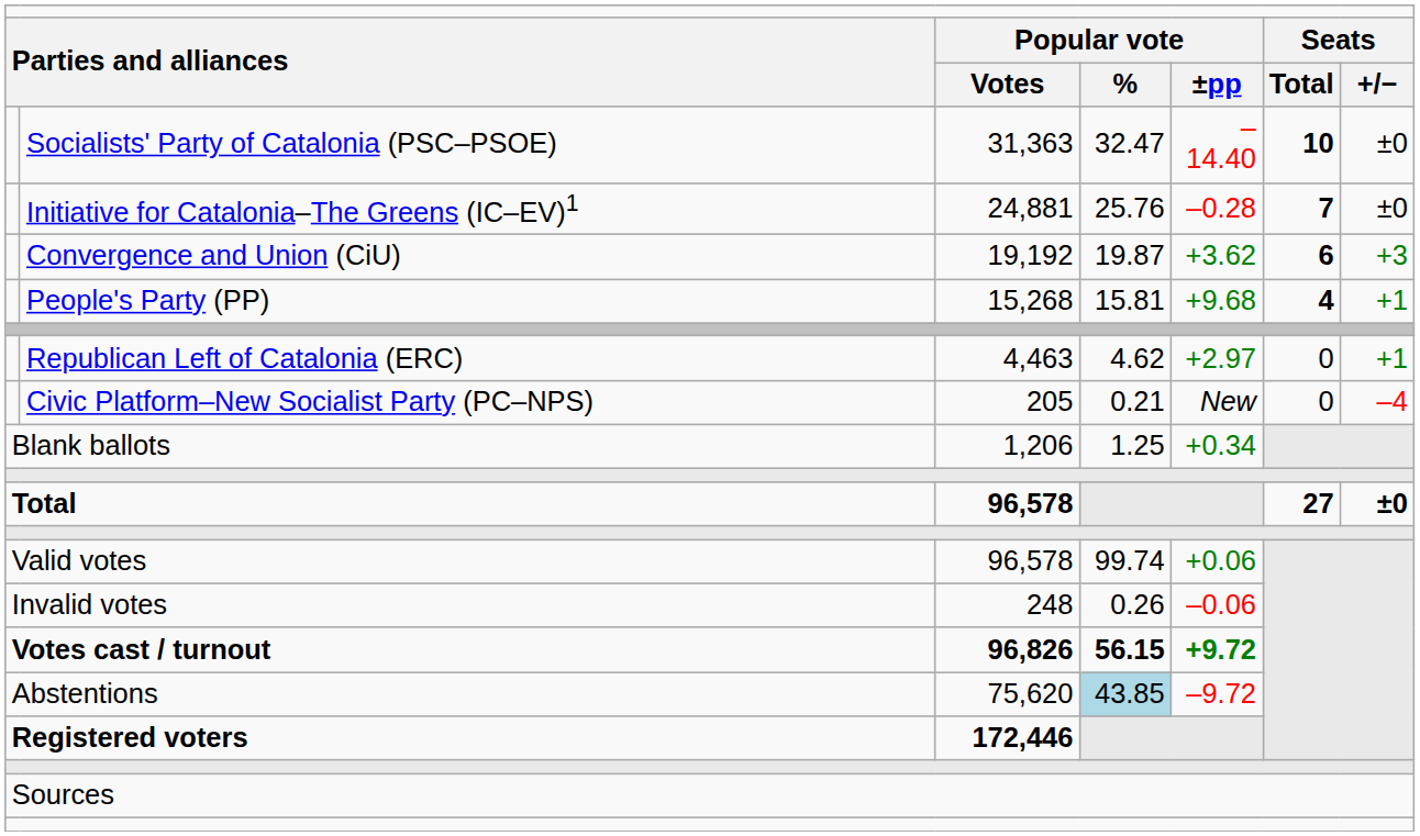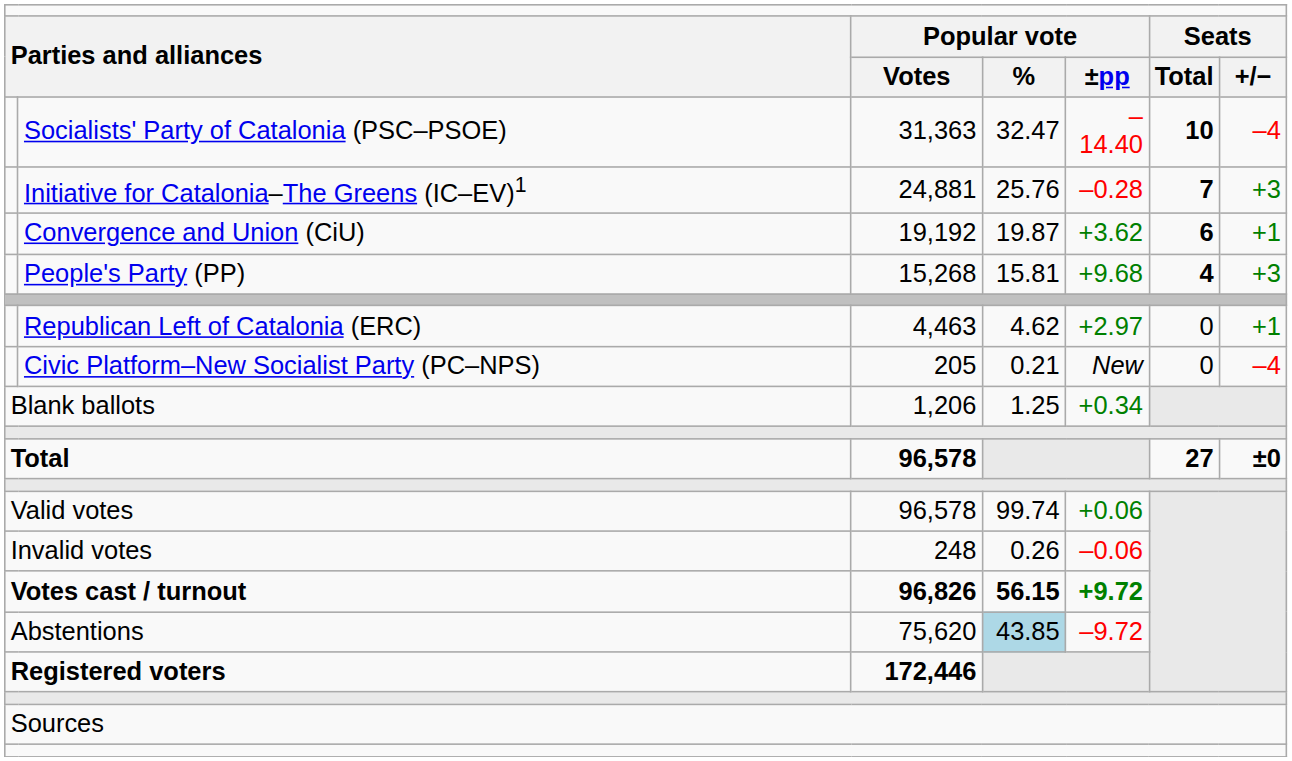 <table class="wikitable" style="text-align:right;">
 <tr>
 <td colspan="7"></td>
 </tr>
 <tr>
 <th style="text-align:left;" rowspan="2" colspan="2" width="525">Parties and alliances</th>
 <th colspan="3">Popular vote</th>
 <th colspan="2">Seats</th>
 </tr>
 <tr>
 <th width="75">Votes</th>
 <th width="45">%</th>
 <th width="45">±<a href='#'>pp</a></th>
 <th width="35">Total</th>
 <th width="35">+/−</th>
 </tr>
 <tr>
 <td width="1" style="color:inherit;background:"></td>
 <td align="left"><a href='#'>Socialists' Party of Catalonia</a> (PSC–PSOE)</td>
 <td>31,363</td>
 <td>32.47</td>
 <td style="color:red;">–14.40</td>
 <td><strong>10</strong></td>
-<td>±0</td>
+<td style="color:red;">–4</td>
 </tr>
 <tr>
 <td style="color:inherit;background:"></td>
 <td align="left"><a href='#'>Initiative for Catalonia</a>–<a href='#'>The Greens</a> (IC–EV)<sup>1</sup></td>
 <td>24,881</td>
 <td>25.76</td>
 <td style="color:red;">–0.28</td>
 <td><strong>7</strong></td>
-<td>±0</td>
+<td style="color:green;">+3</td>
 </tr>
 <tr>
 <td style="color:inherit;background:"></td>
 <td align="left"><a href='#'>Convergence and Union</a> (CiU)</td>
 <td>19,192</td>
 <td>19.87</td>
 <td style="color:green;">+3.62</td>
 <td><strong>6</strong></td>
-<td style="color:green;">+3</td>
+<td style="color:green;">+1</td>
 </tr>
 <tr>
 <td style="color:inherit;background:"></td>
 <td align="left"><a href='#'>People's Party</a> (PP)</td>
 <td>15,268</td>
 <td>15.81</td>
 <td style="color:green;">+9.68</td>
 <td><strong>4</strong></td>
-<td style="color:green;">+1</td>
+<td style="color:green;">+3</td>
 </tr>
 <tr>
 <td colspan="7" style="color:inherit;background:#C0C0C0"></td>
 </tr>
 <tr>
 <td style="color:inherit;background:"></td>
 <td align="left"><a href='#'>Republican Left of Catalonia</a> (ERC)</td>
 <td>4,463</td>
 <td>4.62</td>
 <td style="color:green;">+2.97</td>
 <td>0</td>
 <td style="color:green;">+1</td>
 </tr>
 <tr>
 <td style="color:inherit;background:"></td>
 <td align="left"><a href='#'>Civic Platform–New Socialist Party</a> (PC–NPS)</td>
 <td>205</td>
 <td>0.21</td>
 <td><em>New</em></td>
 <td>0</td>
 <td style="color:red;">–4</td>
 </tr>
 <tr>
 <td align="left" colspan="2">Blank ballots</td>
 <td>1,206</td>
 <td>1.25</td>
 <td style="color:green;">+0.34</td>
 <td style="color:inherit;background:#E9E9E9" colspan="2"></td>
 </tr>
 <tr>
 <td colspan="7" style="color:inherit;background:#E9E9E9"></td>
 </tr>
 <tr style="font-weight:bold;">
 <td align="left" colspan="2">Total</td>
 <td>96,578</td>
 <td bgcolor="#E9E9E9" colspan="2"></td>
 <td>27</td>
 <td>±0</td>
 </tr>
 <tr>
 <td colspan="7" style="color:inherit;background:#E9E9E9"></td>
 </tr>
 <tr>
 <td align="left" colspan="2">Valid votes</td>
 <td>96,578</td>
 <td>99.74</td>
 <td style="color:green;">+0.06</td>
 <td bgcolor="#E9E9E9" colspan="2" rowspan="5"></td>
 </tr>
 <tr>
 <td align="left" colspan="2">Invalid votes</td>
 <td>248</td>
 <td>0.26</td>
 <td style="color:red;">–0.06</td>
 </tr>
 <tr style="font-weight:bold;">
 <td align="left" colspan="2">Votes cast / turnout</td>
 <td>96,826</td>
 <td>56.15</td>
 <td style="color:green;">+9.72</td>
 </tr>
 <tr>
 <td align="left" colspan="2">Abstentions</td>
 <td>75,620</td>
 <td style="background: lightblue;">43.85</td>
 <td style="color:red;">–9.72</td>
 </tr>
 <tr style="font-weight:bold;">
 <td align="left" colspan="2">Registered voters</td>
 <td>172,446</td>
 <td bgcolor="#E9E9E9" colspan="2"></td>
 </tr>
 <tr>
 <td colspan="7" style="color:inherit;background:#E9E9E9"></td>
 </tr>
 <tr>
 <td align="left" colspan="7">Sources</td>
 </tr>
 <tr>
 <td colspan="7" style="text-align:left; max-width:790px;"></td>
 </tr>
 </table>
